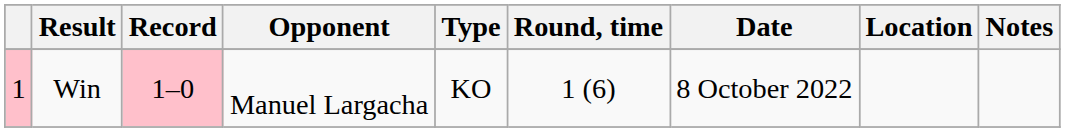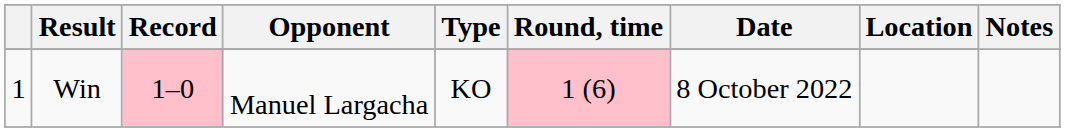 <table class="wikitable" style="text-align:center">
 <tr>
 <th></th>
 <th>Result</th>
 <th>Record</th>
 <th>Opponent</th>
 <th>Type</th>
 <th>Round, time</th>
 <th>Date</th>
 <th>Location</th>
 <th>Notes</th>
 </tr>
 <tr>
 </tr>
 <tr>
-<td style="background: pink;">1</td>
+<td>1</td>
 <td>Win</td>
 <td style="background: pink;">1–0</td>
 <td style="text-align:left;"><br>Manuel Largacha</td>
 <td>KO</td>
-<td>1 (6) </td>
+<td style="background: pink;">1 (6) </td>
 <td>8 October 2022</td>
 <td style="text-align:left;"> </td>
 </tr>
 </table>
